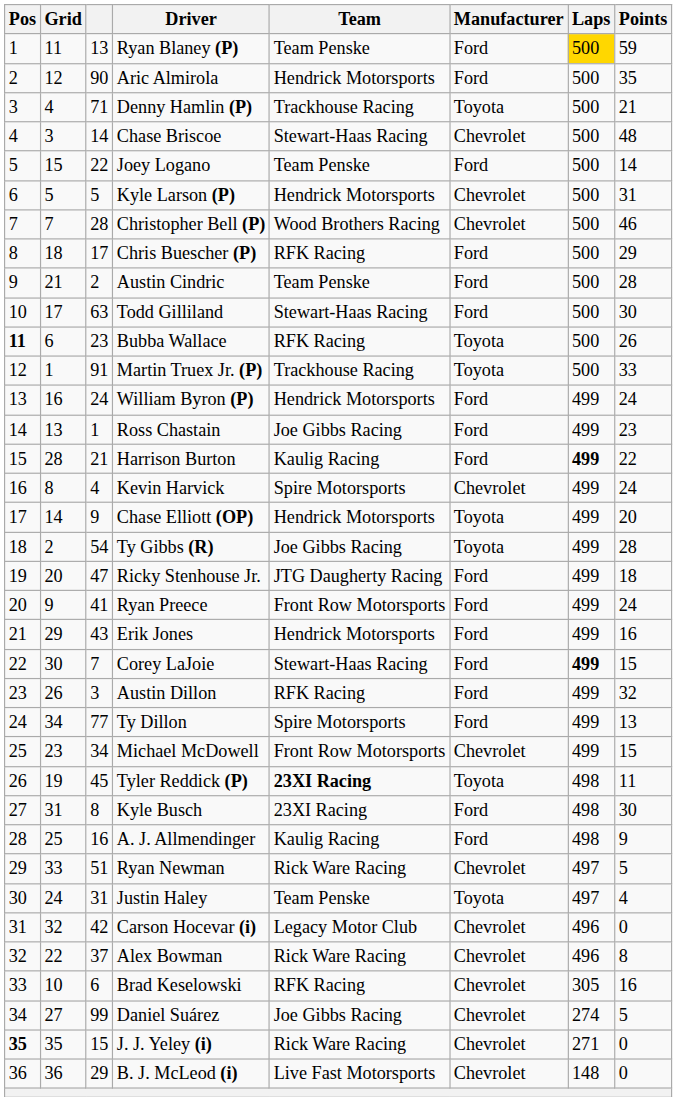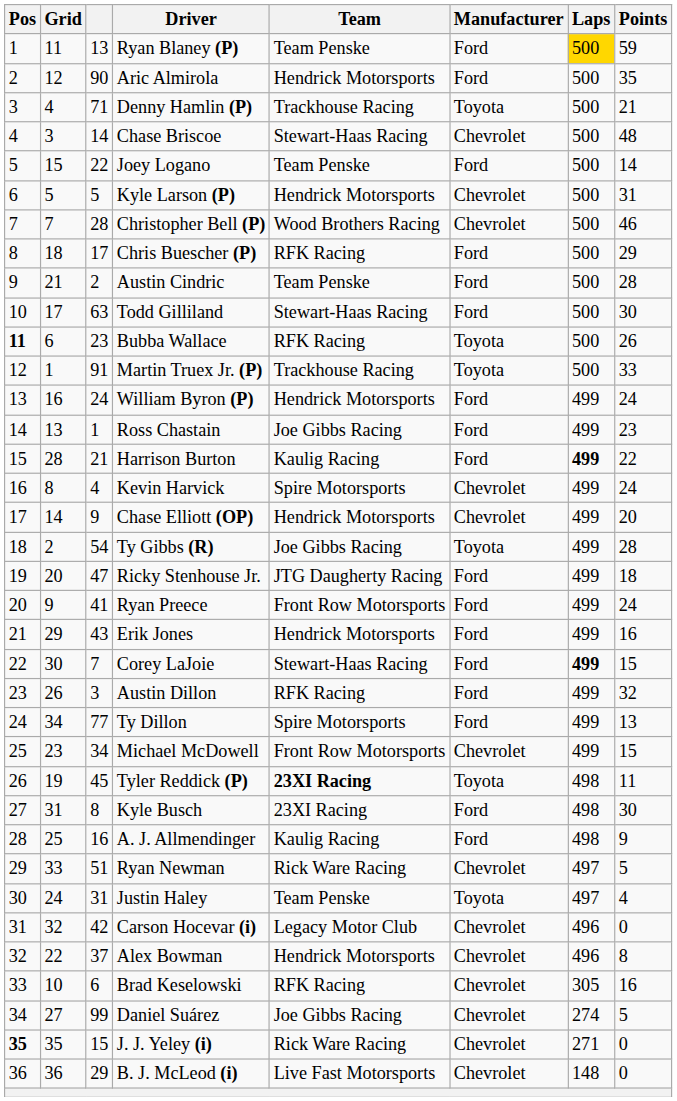 <table class="wikitable" style="font-size:98%">
 <tr>
 <th>Pos</th>
 <th>Grid</th>
 <th></th>
 <th>Driver</th>
 <th>Team</th>
 <th>Manufacturer</th>
 <th>Laps</th>
 <th>Points</th>
 </tr>
 <tr>
 <td>1</td>
 <td>11</td>
 <td>13</td>
 <td>Ryan Blaney <strong>(P)</strong></td>
 <td>Team Penske</td>
 <td>Ford</td>
 <td style="background: gold;">500</td>
 <td>59</td>
 </tr>
 <tr>
 <td>2</td>
 <td>12</td>
 <td>90</td>
 <td>Aric Almirola</td>
 <td>Hendrick Motorsports</td>
 <td>Ford</td>
 <td>500</td>
 <td>35</td>
 </tr>
 <tr>
 <td>3</td>
 <td>4</td>
 <td>71</td>
 <td>Denny Hamlin <strong>(P)</strong></td>
 <td>Trackhouse Racing</td>
 <td>Toyota</td>
 <td>500</td>
 <td>21</td>
 </tr>
 <tr>
 <td>4</td>
 <td>3</td>
 <td>14</td>
 <td>Chase Briscoe</td>
 <td>Stewart-Haas Racing</td>
 <td>Chevrolet</td>
 <td>500</td>
 <td>48</td>
 </tr>
 <tr>
 <td>5</td>
 <td>15</td>
 <td>22</td>
 <td>Joey Logano</td>
 <td>Team Penske</td>
 <td>Ford</td>
 <td>500</td>
 <td>14</td>
 </tr>
 <tr>
 <td>6</td>
 <td>5</td>
 <td>5</td>
 <td>Kyle Larson <strong>(P)</strong></td>
 <td>Hendrick Motorsports</td>
 <td>Chevrolet</td>
 <td>500</td>
 <td>31</td>
 </tr>
 <tr>
 <td>7</td>
 <td>7</td>
 <td>28</td>
 <td>Christopher Bell <strong>(P)</strong></td>
 <td>Wood Brothers Racing</td>
 <td>Chevrolet</td>
 <td>500</td>
 <td>46</td>
 </tr>
 <tr>
 <td>8</td>
 <td>18</td>
 <td>17</td>
 <td>Chris Buescher <strong>(P)</strong></td>
 <td>RFK Racing</td>
 <td>Ford</td>
 <td>500</td>
 <td>29</td>
 </tr>
 <tr>
 <td>9</td>
 <td>21</td>
 <td>2</td>
 <td>Austin Cindric</td>
 <td>Team Penske</td>
 <td>Ford</td>
 <td>500</td>
 <td>28</td>
 </tr>
 <tr>
 <td>10</td>
 <td>17</td>
 <td>63</td>
 <td>Todd Gilliland</td>
 <td>Stewart-Haas Racing</td>
 <td>Ford</td>
 <td>500</td>
 <td>30</td>
 </tr>
 <tr>
 <td><strong>11</strong></td>
 <td>6</td>
 <td>23</td>
 <td>Bubba Wallace</td>
 <td>RFK Racing</td>
 <td>Toyota</td>
 <td>500</td>
 <td>26</td>
 </tr>
 <tr>
 <td>12</td>
 <td>1</td>
 <td>91</td>
 <td>Martin Truex Jr. <strong>(P)</strong></td>
 <td>Trackhouse Racing</td>
 <td>Toyota</td>
 <td>500</td>
 <td>33</td>
 </tr>
 <tr>
 <td>13</td>
 <td>16</td>
 <td>24</td>
 <td>William Byron <strong>(P)</strong></td>
 <td>Hendrick Motorsports</td>
 <td>Ford</td>
 <td>499</td>
 <td>24</td>
 </tr>
 <tr>
 <td>14</td>
 <td>13</td>
 <td>1</td>
 <td>Ross Chastain</td>
 <td>Joe Gibbs Racing</td>
 <td>Ford</td>
 <td>499</td>
 <td>23</td>
 </tr>
 <tr>
 <td>15</td>
 <td>28</td>
 <td>21</td>
 <td>Harrison Burton</td>
 <td>Kaulig Racing</td>
 <td>Ford</td>
 <td><strong>499</strong></td>
 <td>22</td>
 </tr>
 <tr>
 <td>16</td>
 <td>8</td>
 <td>4</td>
 <td>Kevin Harvick</td>
 <td>Spire Motorsports</td>
 <td>Chevrolet</td>
 <td>499</td>
 <td>24</td>
 </tr>
 <tr>
 <td>17</td>
 <td>14</td>
 <td>9</td>
 <td>Chase Elliott <strong>(OP)</strong></td>
 <td>Hendrick Motorsports</td>
-<td>Toyota</td>
+<td>Chevrolet</td>
 <td>499</td>
 <td>20</td>
 </tr>
 <tr>
 <td>18</td>
 <td>2</td>
 <td>54</td>
 <td>Ty Gibbs <strong>(R)</strong></td>
 <td>Joe Gibbs Racing</td>
 <td>Toyota</td>
 <td>499</td>
 <td>28</td>
 </tr>
 <tr>
 <td>19</td>
 <td>20</td>
 <td>47</td>
 <td>Ricky Stenhouse Jr.</td>
 <td>JTG Daugherty Racing</td>
 <td>Ford</td>
 <td>499</td>
 <td>18</td>
 </tr>
 <tr>
 <td>20</td>
 <td>9</td>
 <td>41</td>
 <td>Ryan Preece</td>
 <td>Front Row Motorsports</td>
 <td>Ford</td>
 <td>499</td>
 <td>24</td>
 </tr>
 <tr>
 <td>21</td>
 <td>29</td>
 <td>43</td>
 <td>Erik Jones</td>
 <td>Hendrick Motorsports</td>
 <td>Ford</td>
 <td>499</td>
 <td>16</td>
 </tr>
 <tr>
 <td>22</td>
 <td>30</td>
 <td>7</td>
 <td>Corey LaJoie</td>
 <td>Stewart-Haas Racing</td>
 <td>Ford</td>
 <td><strong>499</strong></td>
 <td>15</td>
 </tr>
 <tr>
 <td>23</td>
 <td>26</td>
 <td>3</td>
 <td>Austin Dillon</td>
 <td>RFK Racing</td>
 <td>Ford</td>
 <td>499</td>
 <td>32</td>
 </tr>
 <tr>
 <td>24</td>
 <td>34</td>
 <td>77</td>
 <td>Ty Dillon</td>
 <td>Spire Motorsports</td>
 <td>Ford</td>
 <td>499</td>
 <td>13</td>
 </tr>
 <tr>
 <td>25</td>
 <td>23</td>
 <td>34</td>
 <td>Michael McDowell</td>
 <td>Front Row Motorsports</td>
 <td>Chevrolet</td>
 <td>499</td>
 <td>15</td>
 </tr>
 <tr>
 <td>26</td>
 <td>19</td>
 <td>45</td>
 <td>Tyler Reddick <strong>(P)</strong></td>
 <td><strong>23XI Racing</strong></td>
 <td>Toyota</td>
 <td>498</td>
 <td>11</td>
 </tr>
 <tr>
 <td>27</td>
 <td>31</td>
 <td>8</td>
 <td>Kyle Busch</td>
 <td>23XI Racing</td>
 <td>Ford</td>
 <td>498</td>
 <td>30</td>
 </tr>
 <tr>
 <td>28</td>
 <td>25</td>
 <td>16</td>
 <td>A. J. Allmendinger</td>
 <td>Kaulig Racing</td>
 <td>Ford</td>
 <td>498</td>
 <td>9</td>
 </tr>
 <tr>
 <td>29</td>
 <td>33</td>
 <td>51</td>
 <td>Ryan Newman</td>
 <td>Rick Ware Racing</td>
 <td>Chevrolet</td>
 <td>497</td>
 <td>5</td>
 </tr>
 <tr>
 <td>30</td>
 <td>24</td>
 <td>31</td>
 <td>Justin Haley</td>
 <td>Team Penske</td>
 <td>Toyota</td>
 <td>497</td>
 <td>4</td>
 </tr>
 <tr>
 <td>31</td>
 <td>32</td>
 <td>42</td>
 <td>Carson Hocevar <strong>(i)</strong></td>
 <td>Legacy Motor Club</td>
 <td>Chevrolet</td>
 <td>496</td>
 <td>0</td>
 </tr>
 <tr>
 <td>32</td>
 <td>22</td>
 <td>37</td>
 <td>Alex Bowman</td>
-<td>Rick Ware Racing</td>
+<td>Hendrick Motorsports</td>
 <td>Chevrolet</td>
 <td>496</td>
 <td>8</td>
 </tr>
 <tr>
 <td>33</td>
 <td>10</td>
 <td>6</td>
 <td>Brad Keselowski</td>
 <td>RFK Racing</td>
 <td>Chevrolet</td>
 <td>305</td>
 <td>16</td>
 </tr>
 <tr>
 <td>34</td>
 <td>27</td>
 <td>99</td>
 <td>Daniel Suárez</td>
 <td>Joe Gibbs Racing</td>
 <td>Chevrolet</td>
 <td>274</td>
 <td>5</td>
 </tr>
 <tr>
 <td><strong>35</strong></td>
 <td>35</td>
 <td>15</td>
 <td>J. J. Yeley <strong>(i)</strong></td>
 <td>Rick Ware Racing</td>
 <td>Chevrolet</td>
 <td>271</td>
 <td>0</td>
 </tr>
 <tr>
 <td>36</td>
 <td>36</td>
 <td>29</td>
 <td>B. J. McLeod <strong>(i)</strong></td>
 <td>Live Fast Motorsports</td>
 <td>Chevrolet</td>
 <td>148</td>
 <td>0</td>
 </tr>
 <tr>
 <th colspan="8"></th>
 </tr>
 </table>
